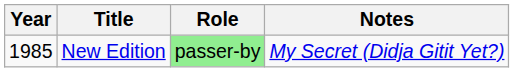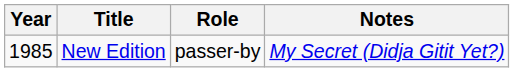 <table class="wikitable sortable">
 <tr>
 <th>Year</th>
 <th>Title</th>
 <th>Role</th>
 <th>Notes</th>
 </tr>
 <tr>
 <td rowspan="3">1985</td>
 <td><a href='#'>New Edition</a></td>
-<td style="background: lightgreen;">passer-by</td>
+<td>passer-by</td>
 <td><em><a href='#'>My Secret (Didja Gitit Yet?)</a></em></td>
 </tr>
 </table>
